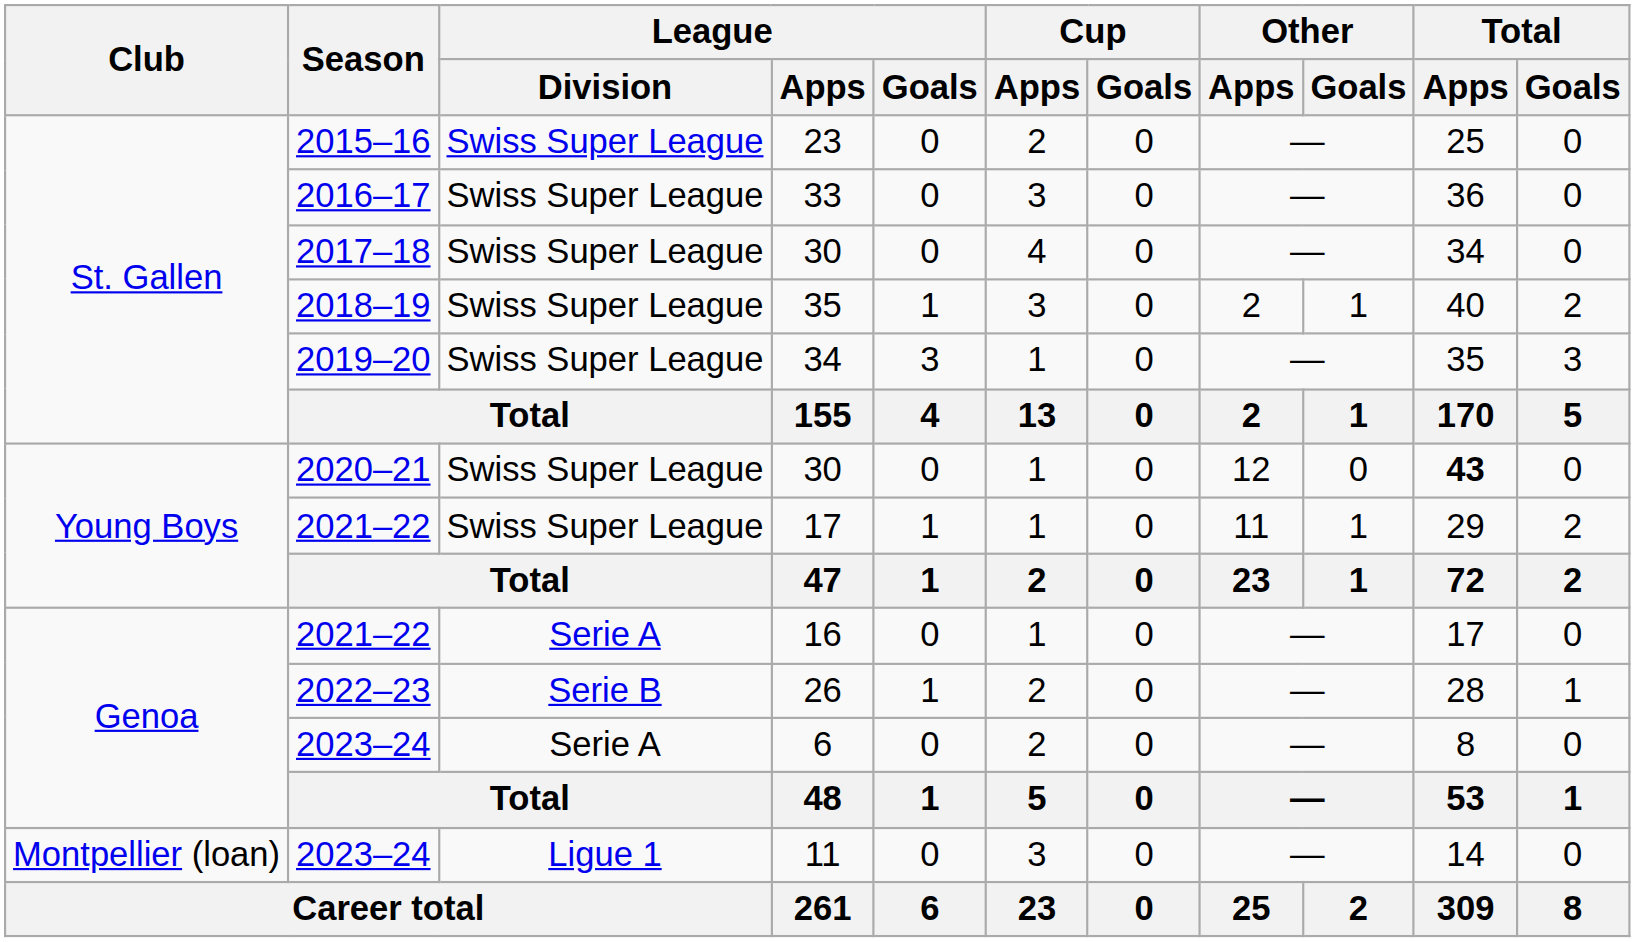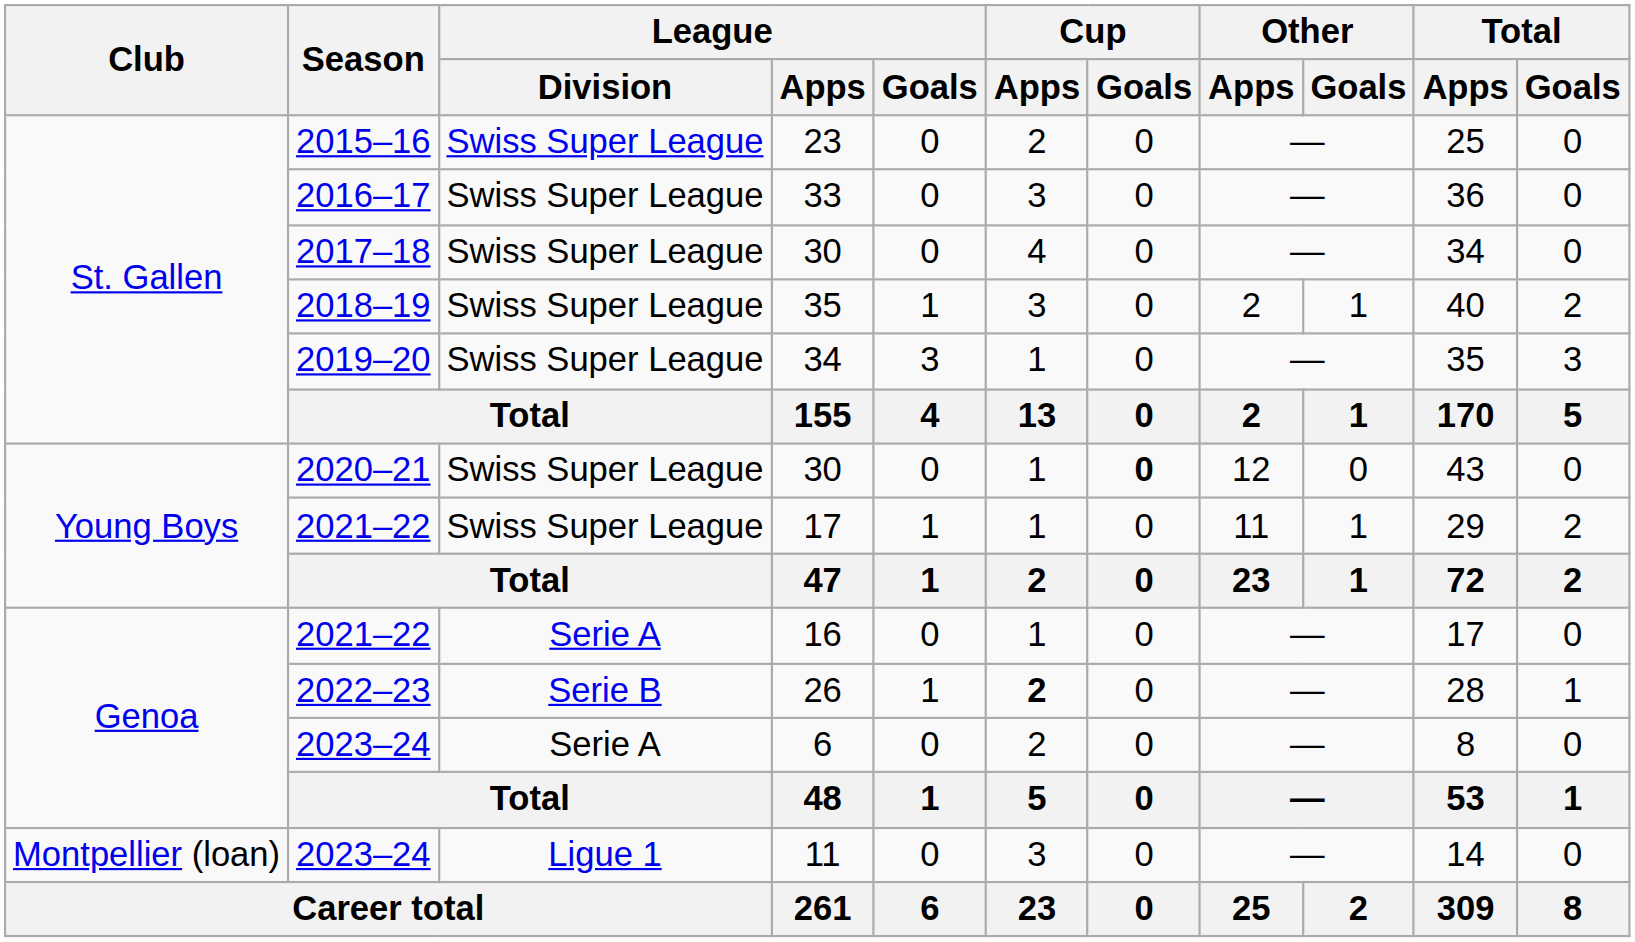 <table class="wikitable" style="text-align:center">
 <tr>
 <th rowspan="2">Club</th>
 <th rowspan="2">Season</th>
 <th colspan="3">League</th>
 <th colspan="2">Cup</th>
 <th colspan="2">Other</th>
 <th colspan="2">Total</th>
 </tr>
 <tr>
 <th>Division</th>
 <th>Apps</th>
 <th>Goals</th>
 <th>Apps</th>
 <th>Goals</th>
 <th>Apps</th>
 <th>Goals</th>
 <th>Apps</th>
 <th>Goals</th>
 </tr>
 <tr>
 <td rowspan="6"><a href='#'>St. Gallen</a></td>
 <td><a href='#'>2015–16</a></td>
 <td><a href='#'>Swiss Super League</a></td>
 <td>23</td>
 <td>0</td>
 <td>2</td>
 <td>0</td>
 <td colspan="2">—</td>
 <td>25</td>
 <td>0</td>
 </tr>
 <tr>
 <td><a href='#'>2016–17</a></td>
 <td>Swiss Super League</td>
 <td>33</td>
 <td>0</td>
 <td>3</td>
 <td>0</td>
 <td colspan="2">—</td>
 <td>36</td>
 <td>0</td>
 </tr>
 <tr>
 <td><a href='#'>2017–18</a></td>
 <td>Swiss Super League</td>
 <td>30</td>
 <td>0</td>
 <td>4</td>
 <td>0</td>
 <td colspan="2">—</td>
 <td>34</td>
 <td>0</td>
 </tr>
 <tr>
 <td><a href='#'>2018–19</a></td>
 <td>Swiss Super League</td>
 <td>35</td>
 <td>1</td>
 <td>3</td>
 <td>0</td>
 <td>2</td>
 <td>1</td>
 <td>40</td>
 <td>2</td>
 </tr>
 <tr>
 <td><a href='#'>2019–20</a></td>
 <td>Swiss Super League</td>
 <td>34</td>
 <td>3</td>
 <td>1</td>
 <td>0</td>
 <td colspan="2">—</td>
 <td>35</td>
 <td>3</td>
 </tr>
 <tr>
 <th colspan="2">Total</th>
 <th>155</th>
 <th>4</th>
 <th>13</th>
 <th>0</th>
 <th>2</th>
 <th>1</th>
 <th>170</th>
 <th>5</th>
 </tr>
 <tr>
 <td rowspan="3"><a href='#'>Young Boys</a></td>
 <td><a href='#'>2020–21</a></td>
 <td>Swiss Super League</td>
 <td>30</td>
 <td>0</td>
 <td>1</td>
-<td>0</td>
+<td><strong>0</strong></td>
 <td>12</td>
 <td>0</td>
-<td><strong>43</strong></td>
+<td>43</td>
 <td>0</td>
 </tr>
 <tr>
 <td><a href='#'>2021–22</a></td>
 <td>Swiss Super League</td>
 <td>17</td>
 <td>1</td>
 <td>1</td>
 <td>0</td>
 <td>11</td>
 <td>1</td>
 <td>29</td>
 <td>2</td>
 </tr>
 <tr>
 <th colspan="2">Total</th>
 <th>47</th>
 <th>1</th>
 <th>2</th>
 <th>0</th>
 <th>23</th>
 <th>1</th>
 <th>72</th>
 <th>2</th>
 </tr>
 <tr>
 <td rowspan="4"><a href='#'>Genoa</a></td>
 <td><a href='#'>2021–22</a></td>
 <td><a href='#'>Serie A</a></td>
 <td>16</td>
 <td>0</td>
 <td>1</td>
 <td>0</td>
 <td colspan="2">—</td>
 <td>17</td>
 <td>0</td>
 </tr>
 <tr>
 <td><a href='#'>2022–23</a></td>
 <td><a href='#'>Serie B</a></td>
 <td>26</td>
 <td>1</td>
-<td>2</td>
+<td><strong>2</strong></td>
 <td>0</td>
 <td colspan="2">—</td>
 <td>28</td>
 <td>1</td>
 </tr>
 <tr>
 <td><a href='#'>2023–24</a></td>
 <td>Serie A</td>
 <td>6</td>
 <td>0</td>
 <td>2</td>
 <td>0</td>
 <td colspan="2">—</td>
 <td>8</td>
 <td>0</td>
 </tr>
 <tr>
 <th colspan="2">Total</th>
 <th>48</th>
 <th>1</th>
 <th>5</th>
 <th>0</th>
 <th colspan="2">—</th>
 <th>53</th>
 <th>1</th>
 </tr>
 <tr>
 <td><a href='#'>Montpellier</a> (loan)</td>
 <td><a href='#'>2023–24</a></td>
 <td><a href='#'>Ligue 1</a></td>
 <td>11</td>
 <td>0</td>
 <td>3</td>
 <td>0</td>
 <td colspan="2">—</td>
 <td>14</td>
 <td>0</td>
 </tr>
 <tr>
 <th colspan="3">Career total</th>
 <th>261</th>
 <th>6</th>
 <th>23</th>
 <th>0</th>
 <th>25</th>
 <th>2</th>
 <th>309</th>
 <th>8</th>
 </tr>
 </table>
